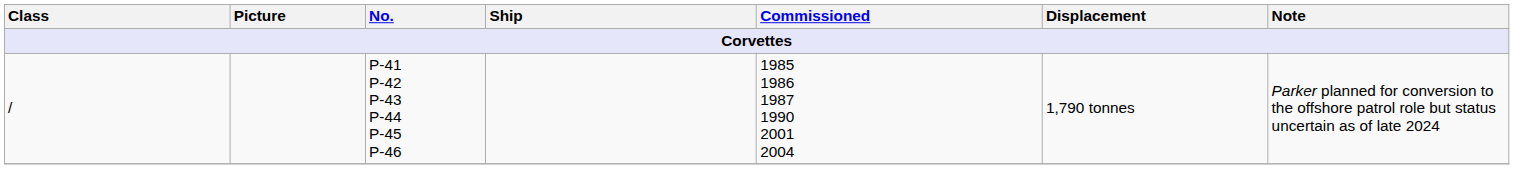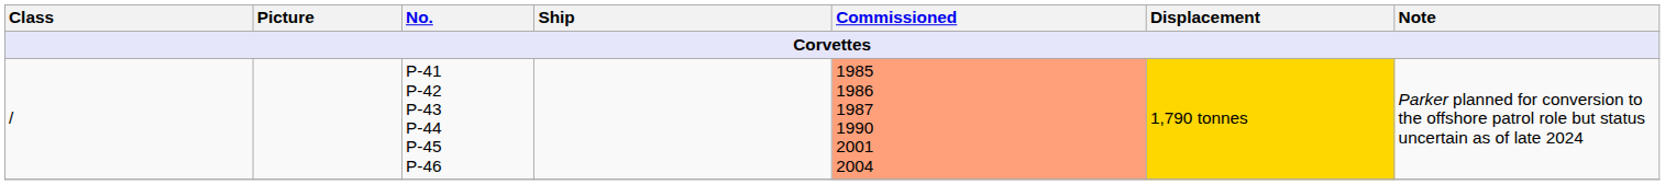 <table class="wikitable">
 <tr>
 <th style="text-align:left; width:15%;">Class</th>
 <th style="text-align:left; width:9%;">Picture</th>
 <th style="text-align:left; width:8%;"><a href='#'>No.</a></th>
 <th style="text-align:left; width:18%;">Ship</th>
 <th style="text-align:left; width:19%;"><a href='#'>Commissioned</a></th>
 <th style="text-align:left; width:15%;">Displacement</th>
 <th style="text-align:left; width:20%;">Note</th>
 </tr>
 <tr>
 <th colspan="7" style="background: lavender;">Corvettes</th>
 </tr>
 <tr>
 <td> /  </td>
 <td></td>
 <td>P-41<br>P-42<br>P-43<br>P-44<br>P-45<br>P-46</td>
 <td><br> <br><br><br><br></td>
-<td>1985<br>1986<br>1987<br>1990<br>2001<br>2004</td>
-<td>1,790 tonnes</td>
+<td style="background: lightsalmon;">1985<br>1986<br>1987<br>1990<br>2001<br>2004</td>
+<td style="background: gold;">1,790 tonnes</td>
 <td><em>Parker</em> planned for conversion to the offshore patrol role but status uncertain as of late 2024</td>
 </tr>
 <tr>
 </tr>
 </table>
